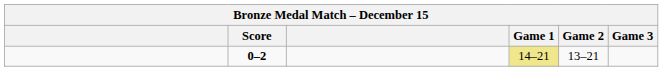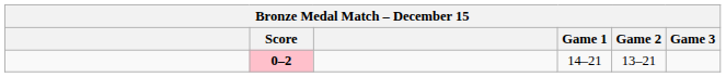 <table class="wikitable" style="text-align: center; font-size:90% ">
 <tr>
 <th colspan=6>Bronze Medal Match – December 15</th>
 </tr>
 <tr>
 <th align="right" width="250"></th>
 <th width="60">Score</th>
 <th align="left" width="250"></th>
 <th width="50">Game 1</th>
 <th width="50">Game 2</th>
 <th width="50">Game 3</th>
 </tr>
 <tr>
 <td align=left></td>
-<td align=center><strong>0–2</strong></td>
+<td align=center style="background: pink;"><strong>0–2</strong></td>
 <td align=left><strong></strong></td>
-<td style="background: khaki;">14–21</td>
+<td>14–21</td>
 <td>13–21</td>
 <td></td>
 </tr>
 </table>
